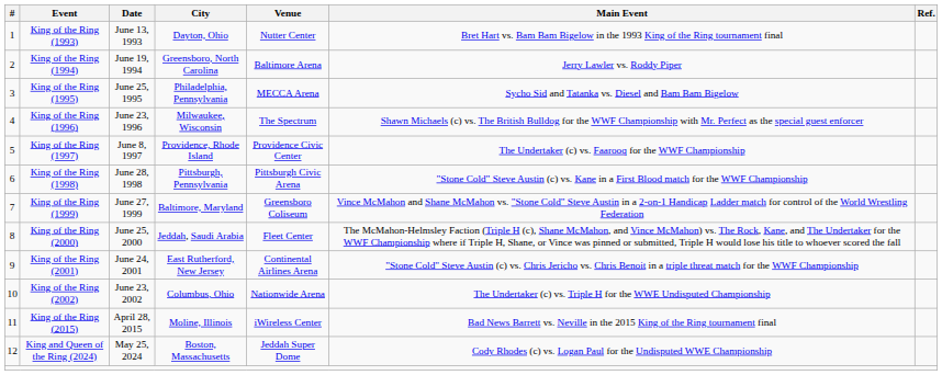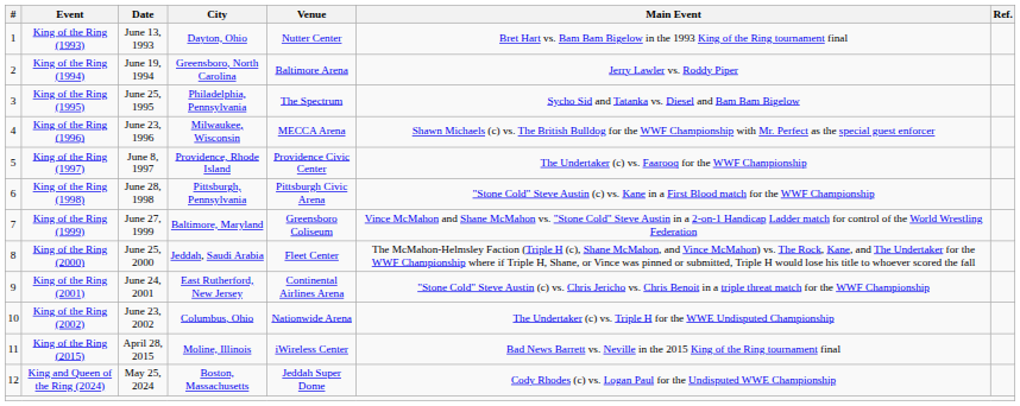 <table class="sortable wikitable succession-box" style="font-size:85%; text-align:center;">
 <tr>
 <th>#</th>
 <th>Event</th>
 <th>Date</th>
 <th>City</th>
 <th>Venue</th>
 <th>Main Event</th>
 <th>Ref.</th>
 </tr>
 <tr>
 <td>1</td>
 <td><a href='#'>King of the Ring (1993)</a></td>
 <td>June 13, 1993</td>
 <td><a href='#'>Dayton, Ohio</a></td>
 <td><a href='#'>Nutter Center</a></td>
 <td><a href='#'>Bret Hart</a> vs. <a href='#'>Bam Bam Bigelow</a> in the 1993 <a href='#'>King of the Ring tournament</a> final</td>
 <td></td>
 </tr>
 <tr>
 <td>2</td>
 <td><a href='#'>King of the Ring (1994)</a></td>
 <td>June 19, 1994</td>
 <td><a href='#'>Greensboro, North Carolina</a></td>
 <td><a href='#'>Baltimore Arena</a></td>
 <td><a href='#'>Jerry Lawler</a> vs. <a href='#'>Roddy Piper</a></td>
 <td></td>
 </tr>
 <tr>
 <td>3</td>
 <td><a href='#'>King of the Ring (1995)</a></td>
 <td>June 25, 1995</td>
 <td><a href='#'>Philadelphia, Pennsylvania</a></td>
-<td><a href='#'>MECCA Arena</a></td>
+<td><a href='#'>The Spectrum</a></td>
 <td><a href='#'>Sycho Sid</a> and <a href='#'>Tatanka</a> vs. <a href='#'>Diesel</a> and <a href='#'>Bam Bam Bigelow</a></td>
 <td></td>
 </tr>
 <tr>
 <td>4</td>
 <td><a href='#'>King of the Ring (1996)</a></td>
 <td>June 23, 1996</td>
 <td><a href='#'>Milwaukee, Wisconsin</a></td>
-<td><a href='#'>The Spectrum</a></td>
+<td><a href='#'>MECCA Arena</a></td>
 <td><a href='#'>Shawn Michaels</a> (c) vs. <a href='#'>The British Bulldog</a> for the <a href='#'>WWF Championship</a> with <a href='#'>Mr. Perfect</a> as the <a href='#'>special guest enforcer</a></td>
 <td></td>
 </tr>
 <tr>
 <td>5</td>
 <td><a href='#'>King of the Ring (1997)</a></td>
 <td>June 8, 1997</td>
 <td><a href='#'>Providence, Rhode Island</a></td>
 <td><a href='#'>Providence Civic Center</a></td>
 <td><a href='#'>The Undertaker</a> (c) vs. <a href='#'>Faarooq</a> for the <a href='#'>WWF Championship</a></td>
 <td></td>
 </tr>
 <tr>
 <td>6</td>
 <td><a href='#'>King of the Ring (1998)</a></td>
 <td>June 28, 1998</td>
 <td><a href='#'>Pittsburgh, Pennsylvania</a></td>
 <td><a href='#'>Pittsburgh Civic Arena</a></td>
 <td><a href='#'>"Stone Cold" Steve Austin</a> (c) vs. <a href='#'>Kane</a> in a <a href='#'>First Blood match</a> for the <a href='#'>WWF Championship</a></td>
 <td></td>
 </tr>
 <tr>
 <td>7</td>
 <td><a href='#'>King of the Ring (1999)</a></td>
 <td>June 27, 1999</td>
 <td><a href='#'>Baltimore, Maryland</a></td>
 <td><a href='#'>Greensboro Coliseum</a></td>
 <td><a href='#'>Vince McMahon</a> and <a href='#'>Shane McMahon</a> vs. <a href='#'>"Stone Cold" Steve Austin</a> in a <a href='#'>2-on-1 Handicap</a> <a href='#'>Ladder match</a> for control of the <a href='#'>World Wrestling Federation</a></td>
 <td></td>
 </tr>
 <tr>
 <td>8</td>
 <td><a href='#'>King of the Ring (2000)</a></td>
 <td>June 25, 2000</td>
 <td><a href='#'>Jeddah</a>, <a href='#'>Saudi Arabia</a></td>
 <td><a href='#'>Fleet Center</a></td>
 <td>The McMahon-Helmsley Faction (<a href='#'>Triple H</a> (c), <a href='#'>Shane McMahon</a>, and <a href='#'>Vince McMahon</a>) vs. <a href='#'>The Rock</a>, <a href='#'>Kane</a>, and <a href='#'>The Undertaker</a> for the <a href='#'>WWF Championship</a> where if Triple H, Shane, or Vince was pinned or submitted, Triple H would lose his title to whoever scored the fall</td>
 <td></td>
 </tr>
 <tr>
 <td>9</td>
 <td><a href='#'>King of the Ring (2001)</a></td>
 <td>June 24, 2001</td>
 <td><a href='#'>East Rutherford, New Jersey</a></td>
 <td><a href='#'>Continental Airlines Arena</a></td>
 <td><a href='#'>"Stone Cold" Steve Austin</a> (c) vs. <a href='#'>Chris Jericho</a> vs. <a href='#'>Chris Benoit</a> in a <a href='#'>triple threat match</a> for the <a href='#'>WWF Championship</a></td>
 <td></td>
 </tr>
 <tr>
 <td>10</td>
 <td><a href='#'>King of the Ring (2002)</a></td>
 <td>June 23, 2002</td>
 <td><a href='#'>Columbus, Ohio</a></td>
 <td><a href='#'>Nationwide Arena</a></td>
 <td><a href='#'>The Undertaker</a> (c) vs. <a href='#'>Triple H</a> for the <a href='#'>WWE Undisputed Championship</a></td>
 <td></td>
 </tr>
 <tr>
 <td>11</td>
 <td><a href='#'>King of the Ring (2015)</a></td>
 <td>April 28, 2015</td>
 <td><a href='#'>Moline, Illinois</a></td>
 <td><a href='#'>iWireless Center</a></td>
 <td><a href='#'>Bad News Barrett</a> vs. <a href='#'>Neville</a> in the 2015 <a href='#'>King of the Ring tournament</a> final</td>
 <td></td>
 </tr>
 <tr>
 <td>12</td>
 <td><a href='#'>King and Queen of the Ring (2024)</a></td>
 <td>May 25, 2024</td>
 <td><a href='#'>Boston, Massachusetts</a></td>
 <td><a href='#'>Jeddah Super Dome</a></td>
 <td><a href='#'>Cody Rhodes</a> (c) vs. <a href='#'>Logan Paul</a> for the <a href='#'>Undisputed WWE Championship</a></td>
 <td></td>
 </tr>
 <tr>
 <td colspan="12"></td>
 </tr>
 </table>
